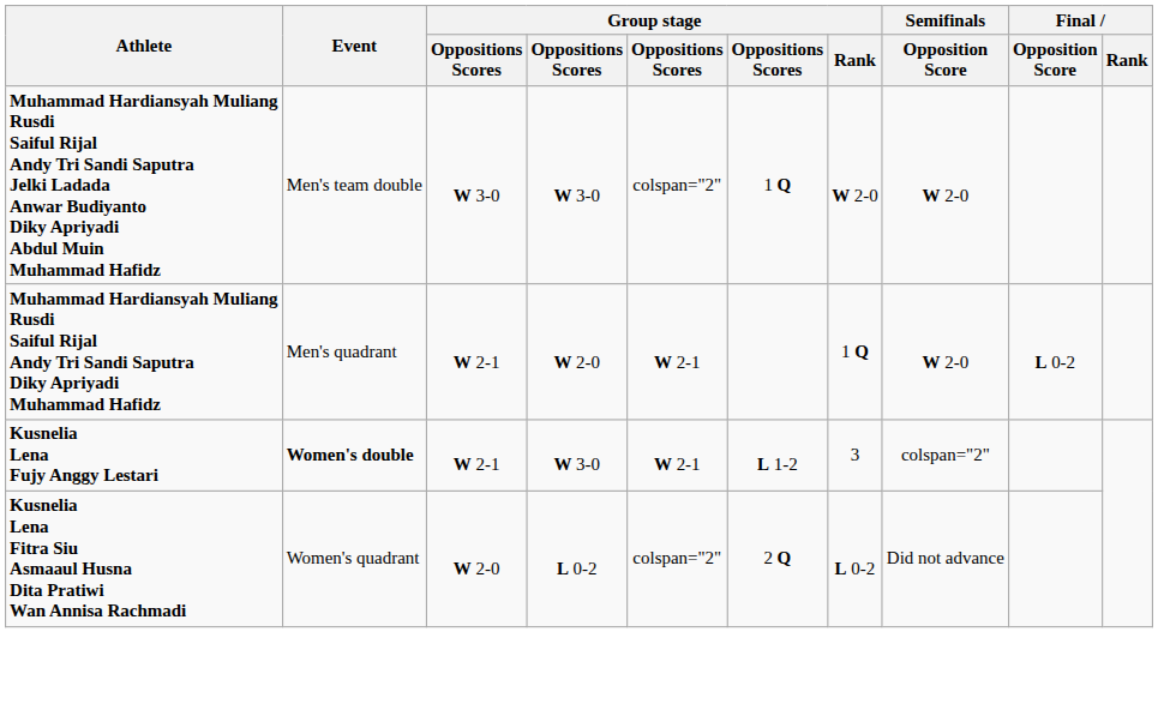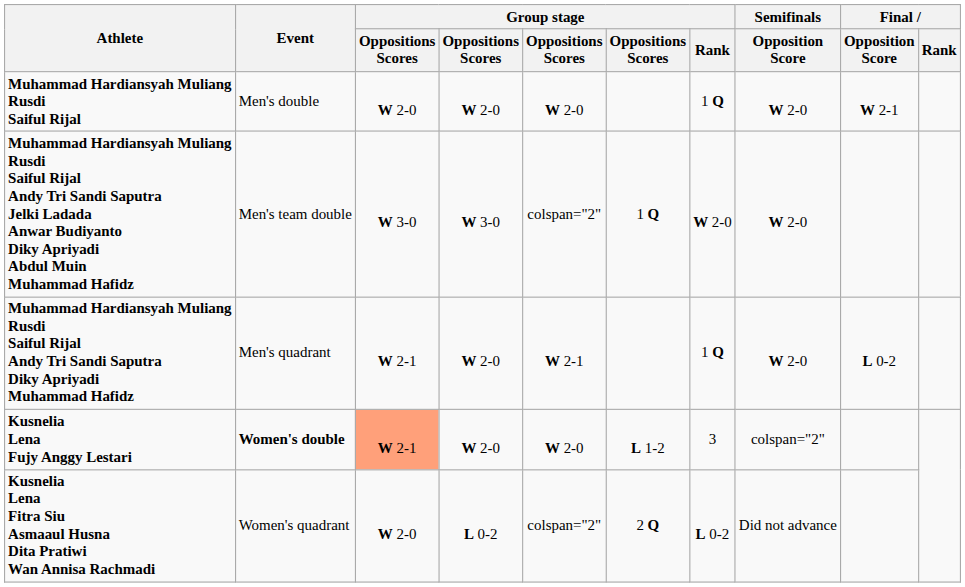 <table class="wikitable" style="font-size:85%; text-align:center">
 <tr>
 <th rowspan=2>Athlete</th>
 <th rowspan=2>Event</th>
 <th colspan=5>Group stage</th>
 <th>Semifinals</th>
 <th colspan=2>Final / </th>
 </tr>
 <tr>
 <th>Oppositions<br>Scores</th>
 <th>Oppositions<br>Scores</th>
 <th>Oppositions<br>Scores</th>
 <th>Oppositions<br>Scores</th>
 <th>Rank</th>
 <th>Opposition<br>Score</th>
 <th>Opposition<br>Score</th>
 <th>Rank</th>
+</tr>
+<tr>
+<td align="left"><strong>Muhammad Hardiansyah Muliang<br>Rusdi<br>Saiful Rijal</strong></td>
+<td align="left">Men's double</td>
+<td><br><strong>W</strong> 2-0</td>
+<td><br><strong>W</strong> 2-0</td>
+<td><br><strong>W</strong> 2-0</td>
+<td></td>
+<td>1 <strong>Q</strong></td>
+<td><br><strong>W</strong> 2-0</td>
+<td><br><strong>W</strong> 2-1</td>
+<td></td>
 </tr>
 <tr>
 <td align="left"><strong>Muhammad Hardiansyah Muliang<br>Rusdi<br>Saiful Rijal<br>Andy Tri Sandi Saputra<br>Jelki Ladada<br>Anwar Budiyanto<br>Diky Apriyadi<br>Abdul Muin<br>Muhammad Hafidz</strong></td>
 <td align="left">Men's team double</td>
 <td><br><strong>W</strong> 3-0</td>
 <td><br><strong>W</strong> 3-0</td>
 <td>colspan="2" </td>
 <td>1 <strong>Q</strong></td>
 <td><br><strong>W</strong> 2-0</td>
 <td><br><strong>W</strong> 2-0</td>
 <td></td>
 </tr>
 <tr>
 <td align="left"><strong>Muhammad Hardiansyah Muliang<br>Rusdi<br>Saiful Rijal<br>Andy Tri Sandi Saputra<br>Diky Apriyadi<br>Muhammad Hafidz</strong></td>
 <td align="left">Men's quadrant</td>
 <td><br><strong>W</strong> 2-1</td>
 <td><br><strong>W</strong> 2-0</td>
 <td><br><strong>W</strong> 2-1</td>
 <td></td>
 <td>1 <strong>Q</strong></td>
 <td><br><strong>W</strong> 2-0</td>
 <td><br><strong>L</strong> 0-2</td>
 <td></td>
 </tr>
 <tr>
 <td align="left"><strong>Kusnelia<br>Lena<br>Fujy Anggy Lestari</strong></td>
 <td align="left"><strong>Women's double</strong></td>
-<td><br><strong>W</strong> 2-1</td>
-<td><br><strong>W</strong> 3-0</td>
-<td><br><strong>W</strong> 2-1</td>
+<td style="background: lightsalmon;"><br><strong>W</strong> 2-1</td>
+<td><br><strong>W</strong> 2-0</td>
+<td><br><strong>W</strong> 2-0</td>
 <td><br><strong>L</strong> 1-2</td>
 <td>3</td>
 <td>colspan="2"</td>
 <td></td>
 </tr>
 <tr>
 <td align="left"><strong>Kusnelia<br>Lena<br>Fitra Siu<br>Asmaaul Husna<br>Dita Pratiwi<br>Wan Annisa Rachmadi</strong></td>
 <td align="left">Women's quadrant</td>
 <td><br><strong>W</strong> 2-0</td>
 <td><br><strong>L</strong> 0-2</td>
 <td>colspan="2"</td>
 <td>2 <strong>Q</strong></td>
 <td><br><strong>L</strong> 0-2</td>
 <td>Did not advance</td>
 <td></td>
 </tr>
 </table>
